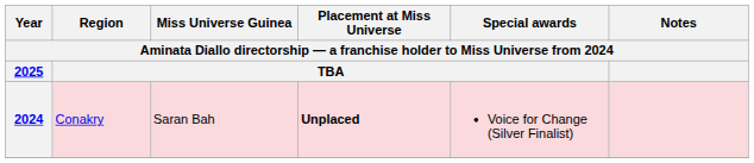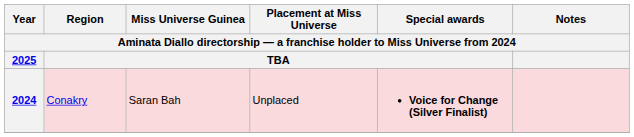 <table class="wikitable " style="font-size: 95%;">
 <tr>
 <th width="60">Year</th>
 <th width="150">Region</th>
 <th width="250">Miss Universe Guinea</th>
 <th width="250">Placement at Miss Universe</th>
 <th width="250">Special awards</th>
 <th width="250">Notes</th>
 </tr>
 <tr>
 <th colspan="6">Aminata Diallo directorship — a franchise holder to Miss Universe from 2024</th>
 </tr>
 <tr>
 <th><a href='#'>2025</a></th>
 <th colspan="4">TBA</th>
 <th></th>
 </tr>
 <tr style="background-color:#FADADD">
 <th><a href='#'>2024</a></th>
 <td><a href='#'>Conakry</a></td>
 <td>Saran Bah</td>
-<td><strong>Unplaced</strong></td>
-<td><br><ul><li>Voice for Change (Silver Finalist)</li></ul></td>
+<td>Unplaced</td>
+<td><strong><br><ul><li>Voice for Change (Silver Finalist)</li></ul></strong></td>
 <td></td>
 </tr>
 <tr>
 </tr>
 </table>
